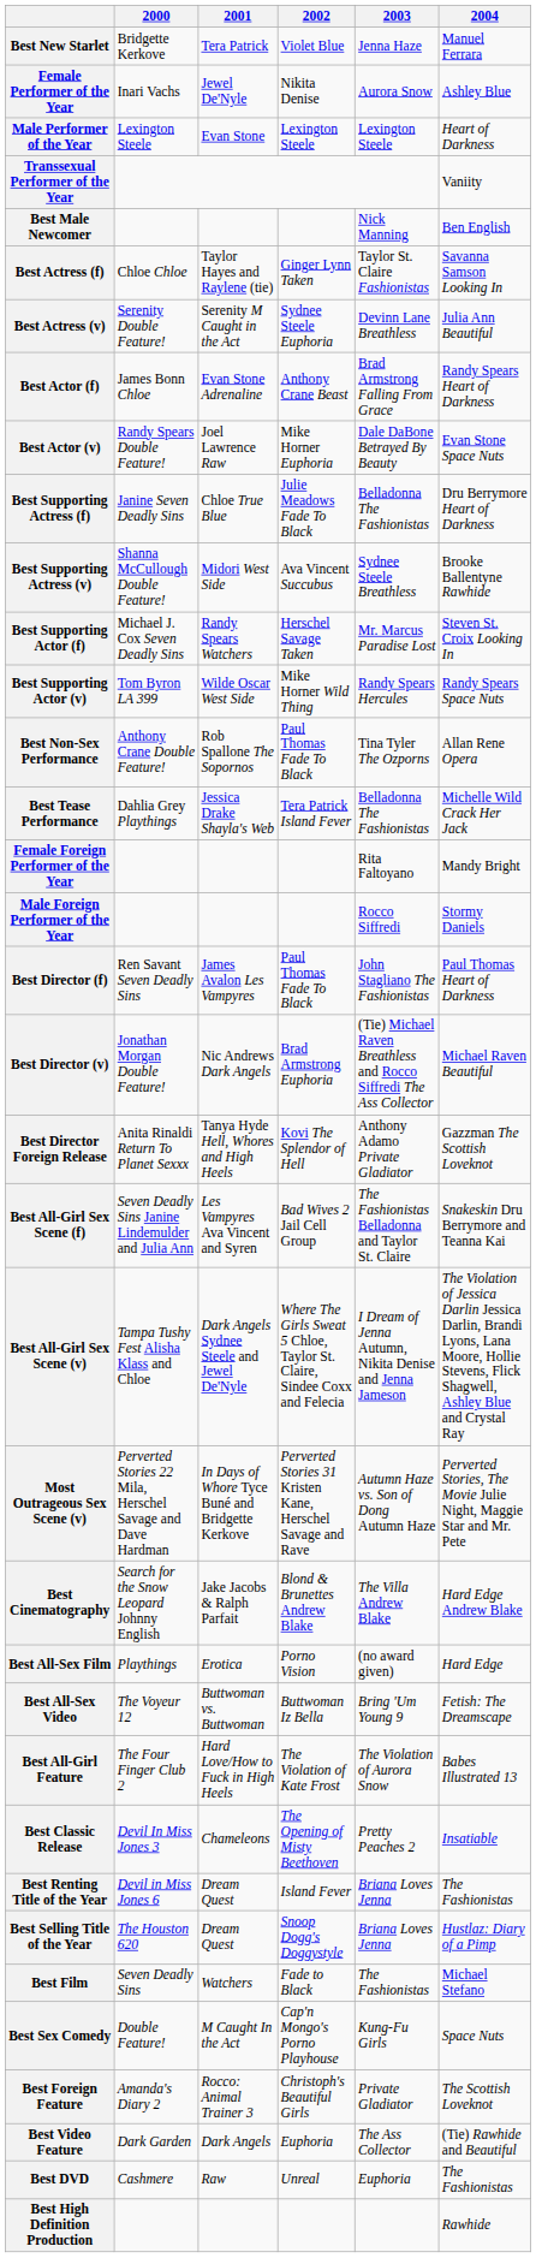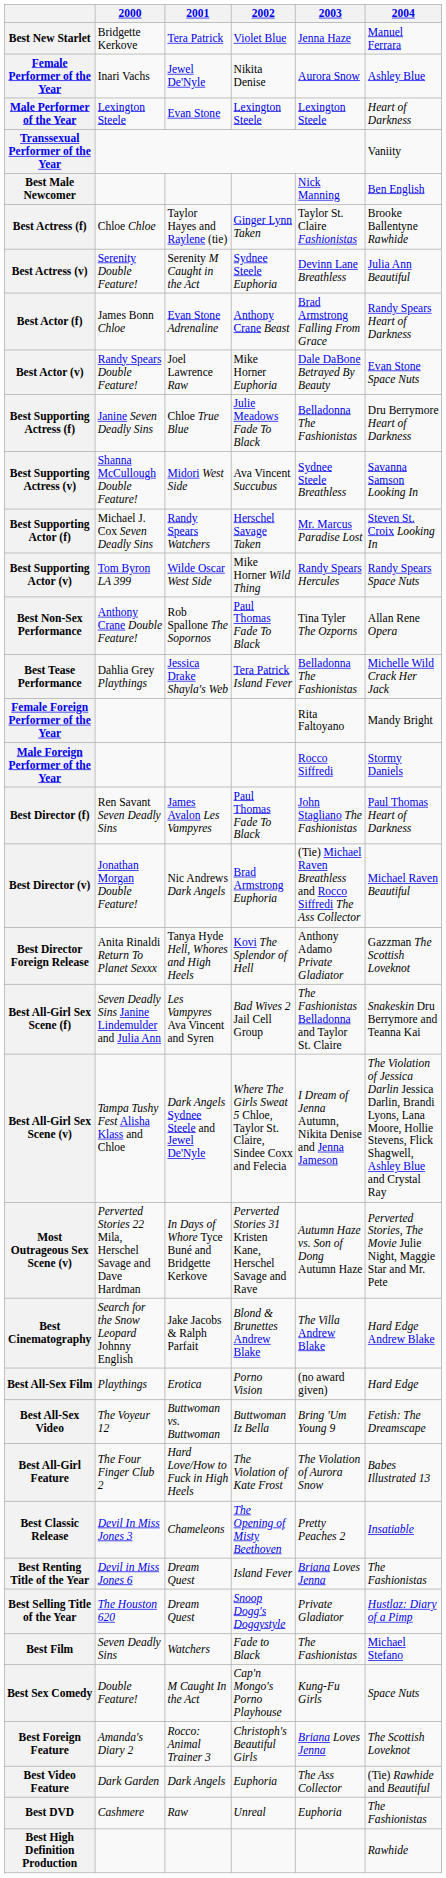 <table class="wikitable">
 <tr>
 <th></th>
 <th><a href='#'>2000</a></th>
 <th><a href='#'>2001</a></th>
 <th><a href='#'>2002</a></th>
 <th><a href='#'>2003</a></th>
 <th><a href='#'>2004</a></th>
 </tr>
 <tr>
 <th>Best New Starlet</th>
 <td>Bridgette Kerkove</td>
 <td><a href='#'>Tera Patrick</a></td>
 <td><a href='#'>Violet Blue</a></td>
 <td><a href='#'>Jenna Haze</a></td>
 <td><a href='#'>Manuel Ferrara</a></td>
 </tr>
 <tr>
 <th><a href='#'>Female Performer of the Year</a></th>
 <td>Inari Vachs</td>
 <td><a href='#'>Jewel De'Nyle</a></td>
 <td>Nikita Denise</td>
 <td><a href='#'>Aurora Snow</a></td>
 <td><a href='#'>Ashley Blue</a></td>
 </tr>
 <tr>
 <th><a href='#'>Male Performer of the Year</a></th>
 <td><a href='#'>Lexington Steele</a></td>
 <td><a href='#'>Evan Stone</a></td>
 <td><a href='#'>Lexington Steele</a></td>
 <td><a href='#'>Lexington Steele</a></td>
 <td><em>Heart of Darkness</em></td>
 </tr>
 <tr>
 <th><a href='#'>Transsexual Performer of the Year</a></th>
 <td colspan=4></td>
 <td>Vaniity</td>
 </tr>
 <tr>
 <th>Best Male Newcomer</th>
 <td></td>
 <td></td>
 <td></td>
 <td><a href='#'>Nick Manning</a></td>
 <td><a href='#'>Ben English</a></td>
 </tr>
 <tr>
 <th>Best Actress (f)</th>
 <td>Chloe <em>Chloe</em></td>
 <td>Taylor Hayes and <a href='#'>Raylene</a> (tie)</td>
 <td><a href='#'>Ginger Lynn</a> <em>Taken</em></td>
 <td>Taylor St. Claire <em><a href='#'>Fashionistas</a></em></td>
-<td><a href='#'>Savanna Samson</a> <em>Looking In</em></td>
+<td>Brooke Ballentyne <em>Rawhide</em></td>
 </tr>
 <tr>
 <th>Best Actress (v)</th>
 <td><a href='#'>Serenity</a> <em>Double Feature!</em></td>
 <td>Serenity <em>M Caught in the Act</em></td>
 <td><a href='#'>Sydnee Steele</a> <em>Euphoria</em></td>
 <td><a href='#'>Devinn Lane</a> <em>Breathless</em></td>
 <td><a href='#'>Julia Ann</a> <em>Beautiful</em></td>
 </tr>
 <tr>
 <th>Best Actor (f)</th>
 <td>James Bonn <em>Chloe</em></td>
 <td><a href='#'>Evan Stone</a> <em>Adrenaline</em></td>
 <td><a href='#'>Anthony Crane</a> <em>Beast</em></td>
 <td><a href='#'>Brad Armstrong</a> <em>Falling From Grace</em></td>
 <td><a href='#'>Randy Spears</a> <em>Heart of Darkness</em></td>
 </tr>
 <tr>
 <th>Best Actor (v)</th>
 <td><a href='#'>Randy Spears</a> <em>Double Feature!</em></td>
 <td>Joel Lawrence <em>Raw</em></td>
 <td>Mike Horner <em>Euphoria</em></td>
 <td><a href='#'>Dale DaBone</a> <em>Betrayed By Beauty</em></td>
 <td><a href='#'>Evan Stone</a> <em>Space Nuts</em></td>
 </tr>
 <tr>
 <th>Best Supporting Actress (f)</th>
 <td><a href='#'>Janine</a> <em>Seven Deadly Sins</em></td>
 <td>Chloe <em>True Blue</em></td>
 <td><a href='#'>Julie Meadows</a> <em>Fade To Black</em></td>
 <td><a href='#'>Belladonna</a> <em>The Fashionistas</em></td>
 <td>Dru Berrymore <em>Heart of Darkness</em></td>
 </tr>
 <tr>
 <th>Best Supporting Actress (v)</th>
 <td><a href='#'>Shanna McCullough</a> <em>Double Feature!</em></td>
 <td><a href='#'>Midori</a> <em>West Side</em></td>
 <td>Ava Vincent <em>Succubus</em></td>
 <td><a href='#'>Sydnee Steele</a> <em>Breathless</em></td>
-<td>Brooke Ballentyne <em>Rawhide</em></td>
+<td><a href='#'>Savanna Samson</a> <em>Looking In</em></td>
 </tr>
 <tr>
 <th>Best Supporting Actor (f)</th>
 <td>Michael J. Cox <em>Seven Deadly Sins</em></td>
 <td><a href='#'>Randy Spears</a> <em>Watchers</em></td>
 <td><a href='#'>Herschel Savage</a> <em>Taken</em></td>
 <td><a href='#'>Mr. Marcus</a> <em>Paradise Lost</em></td>
 <td><a href='#'>Steven St. Croix</a> <em>Looking In</em></td>
 </tr>
 <tr>
 <th>Best Supporting Actor (v)</th>
 <td><a href='#'>Tom Byron</a> <em>LA 399</em></td>
 <td><a href='#'>Wilde Oscar</a> <em>West Side</em></td>
 <td>Mike Horner <em>Wild Thing</em></td>
 <td><a href='#'>Randy Spears</a> <em>Hercules</em></td>
 <td><a href='#'>Randy Spears</a> <em>Space Nuts</em></td>
 </tr>
 <tr>
 <th>Best Non-Sex Performance</th>
 <td><a href='#'>Anthony Crane</a> <em>Double Feature!</em></td>
 <td>Rob Spallone <em>The Sopornos</em></td>
 <td><a href='#'>Paul Thomas</a> <em>Fade To Black</em></td>
 <td>Tina Tyler <em>The Ozporns</em></td>
 <td>Allan Rene <em>Opera</em></td>
 </tr>
 <tr>
 <th>Best Tease Performance</th>
 <td>Dahlia Grey <em>Playthings</em></td>
 <td><a href='#'>Jessica Drake</a> <em>Shayla's Web</em></td>
 <td><a href='#'>Tera Patrick</a> <em>Island Fever</em></td>
 <td><a href='#'>Belladonna</a> <em>The Fashionistas</em></td>
 <td><a href='#'>Michelle Wild</a> <em>Crack Her Jack</em></td>
 </tr>
 <tr>
 <th><a href='#'>Female Foreign Performer of the Year</a></th>
 <td></td>
 <td></td>
 <td></td>
 <td>Rita Faltoyano</td>
 <td>Mandy Bright</td>
 </tr>
 <tr>
 <th><a href='#'>Male Foreign Performer of the Year</a></th>
 <td></td>
 <td></td>
 <td></td>
 <td><a href='#'>Rocco Siffredi</a></td>
 <td><a href='#'>Stormy Daniels</a></td>
 </tr>
 <tr>
 <th>Best Director (f)</th>
 <td>Ren Savant <em>Seven Deadly Sins</em></td>
 <td><a href='#'>James Avalon</a> <em>Les Vampyres</em></td>
 <td><a href='#'>Paul Thomas</a> <em>Fade To Black</em></td>
 <td><a href='#'>John Stagliano</a> <em>The Fashionistas</em></td>
 <td><a href='#'>Paul Thomas</a> <em>Heart of Darkness</em></td>
 </tr>
 <tr>
 <th>Best Director (v)</th>
 <td><a href='#'>Jonathan Morgan</a> <em>Double Feature!</em></td>
 <td>Nic Andrews <em>Dark Angels</em></td>
 <td><a href='#'>Brad Armstrong</a> <em>Euphoria</em></td>
 <td>(Tie) <a href='#'>Michael Raven</a> <em>Breathless</em> and <a href='#'>Rocco Siffredi</a> <em>The Ass Collector</em></td>
 <td><a href='#'>Michael Raven</a> <em>Beautiful</em></td>
 </tr>
 <tr>
 <th>Best Director Foreign Release</th>
 <td>Anita Rinaldi <em>Return To Planet Sexxx</em></td>
 <td>Tanya Hyde <em>Hell, Whores and High Heels</em></td>
 <td><a href='#'>Kovi</a> <em>The Splendor of Hell</em></td>
 <td>Anthony Adamo <em>Private Gladiator</em></td>
 <td>Gazzman <em>The Scottish Loveknot</em></td>
 </tr>
 <tr>
 <th>Best All-Girl Sex Scene (f)</th>
 <td><em>Seven Deadly Sins</em> <a href='#'>Janine Lindemulder</a> and <a href='#'>Julia Ann</a></td>
 <td><em>Les Vampyres</em> Ava Vincent and Syren</td>
 <td><em>Bad Wives 2</em> Jail Cell Group</td>
 <td><em>The Fashionistas</em> <a href='#'>Belladonna</a> and Taylor St. Claire</td>
 <td><em>Snakeskin</em> Dru Berrymore and Teanna Kai</td>
 </tr>
 <tr>
 <th>Best All-Girl Sex Scene (v)</th>
 <td><em>Tampa Tushy Fest</em> <a href='#'>Alisha Klass</a> and Chloe</td>
 <td><em>Dark Angels</em> <a href='#'>Sydnee Steele</a> and <a href='#'>Jewel De'Nyle</a></td>
 <td><em>Where The Girls Sweat 5</em> Chloe, Taylor St. Claire, Sindee Coxx and Felecia</td>
 <td><em>I Dream of Jenna</em> Autumn, Nikita Denise and <a href='#'>Jenna Jameson</a></td>
 <td><em>The Violation of Jessica Darlin</em> Jessica Darlin, Brandi Lyons, Lana Moore, Hollie Stevens, Flick Shagwell, <a href='#'>Ashley Blue</a> and Crystal Ray</td>
 </tr>
 <tr>
 <th>Most Outrageous Sex Scene (v)</th>
 <td><em>Perverted Stories 22</em> Mila, Herschel Savage and Dave Hardman</td>
 <td><em>In Days of Whore</em> Tyce Buné and Bridgette Kerkove</td>
 <td><em>Perverted Stories 31</em> Kristen Kane, Herschel Savage and Rave</td>
 <td><em>Autumn Haze vs. Son of Dong</em> Autumn Haze</td>
 <td><em>Perverted Stories, The Movie</em> Julie Night, Maggie Star and Mr. Pete</td>
 </tr>
 <tr>
 <th>Best Cinematography</th>
 <td><em>Search for the Snow Leopard</em> Johnny English</td>
 <td>Jake Jacobs & Ralph Parfait</td>
 <td><em>Blond & Brunettes</em> <a href='#'>Andrew Blake</a></td>
 <td><em>The Villa</em> <a href='#'>Andrew Blake</a></td>
 <td><em>Hard Edge</em> <a href='#'>Andrew Blake</a></td>
 </tr>
 <tr>
 <th>Best All-Sex Film</th>
 <td><em>Playthings</em></td>
 <td><em>Erotica</em></td>
 <td><em>Porno Vision</em></td>
 <td>(no award given)</td>
 <td><em>Hard Edge</em></td>
 </tr>
 <tr>
 <th>Best All-Sex Video</th>
 <td><em>The Voyeur 12</em></td>
 <td><em>Buttwoman vs. Buttwoman</em></td>
 <td><em>Buttwoman Iz Bella</em></td>
 <td><em>Bring 'Um Young 9</em></td>
 <td><em>Fetish: The Dreamscape</em></td>
 </tr>
 <tr>
 <th>Best All-Girl Feature</th>
 <td><em>The Four Finger Club 2</em></td>
 <td><em>Hard Love/How to Fuck in High Heels</em></td>
 <td><em>The Violation of Kate Frost</em></td>
 <td><em>The Violation of Aurora Snow</em></td>
 <td><em>Babes Illustrated 13</em></td>
 </tr>
 <tr>
 <th>Best Classic Release</th>
 <td><em><a href='#'>Devil In Miss Jones 3</a></em></td>
 <td><em>Chameleons</em></td>
 <td><em><a href='#'>The Opening of Misty Beethoven</a></em></td>
 <td><em>Pretty Peaches 2</em></td>
 <td><em><a href='#'>Insatiable</a></em></td>
 </tr>
 <tr>
 <th>Best Renting Title of the Year</th>
 <td><em><a href='#'>Devil in Miss Jones 6</a></em></td>
 <td><em>Dream Quest</em></td>
 <td><em>Island Fever</em></td>
 <td><em><a href='#'>Briana</a> Loves <a href='#'>Jenna</a></em></td>
 <td><em>The Fashionistas</em></td>
 </tr>
 <tr>
 <th>Best Selling Title of the Year</th>
 <td><em><a href='#'>The Houston 620</a></em></td>
 <td><em>Dream Quest</em></td>
 <td><em><a href='#'>Snoop Dogg's Doggystyle</a></em></td>
-<td><em><a href='#'>Briana</a> Loves <a href='#'>Jenna</a></em></td>
+<td><em>Private Gladiator</em></td>
 <td><em><a href='#'>Hustlaz: Diary of a Pimp</a></em></td>
 </tr>
 <tr>
 <th>Best Film</th>
 <td><em>Seven Deadly Sins</em></td>
 <td><em>Watchers</em></td>
 <td><em>Fade to Black</em></td>
 <td><em>The Fashionistas</em></td>
 <td><a href='#'>Michael Stefano</a></td>
 </tr>
 <tr>
 <th>Best Sex Comedy</th>
 <td><em>Double Feature!</em></td>
 <td><em>M Caught In the Act</em></td>
 <td><em>Cap'n Mongo's Porno Playhouse</em></td>
 <td><em>Kung-Fu Girls</em></td>
 <td><em>Space Nuts</em></td>
 </tr>
 <tr>
 <th>Best Foreign Feature</th>
 <td><em>Amanda's Diary 2</em></td>
 <td><em>Rocco: Animal Trainer 3</em></td>
 <td><em>Christoph's Beautiful Girls</em></td>
-<td><em>Private Gladiator</em></td>
+<td><em><a href='#'>Briana</a> Loves <a href='#'>Jenna</a></em></td>
 <td><em>The Scottish Loveknot</em></td>
 </tr>
 <tr>
 <th>Best Video Feature</th>
 <td><em>Dark Garden</em></td>
 <td><em>Dark Angels</em></td>
 <td><em>Euphoria</em></td>
 <td><em>The Ass Collector</em></td>
 <td>(Tie) <em>Rawhide</em> and <em>Beautiful</em></td>
 </tr>
 <tr>
 <th>Best DVD</th>
 <td><em>Cashmere</em></td>
 <td><em>Raw</em></td>
 <td><em>Unreal</em></td>
 <td><em>Euphoria</em></td>
 <td><em>The Fashionistas</em></td>
 </tr>
 <tr>
 <th>Best High Definition Production</th>
 <td></td>
 <td></td>
 <td></td>
 <td></td>
 <td><em>Rawhide</em></td>
 </tr>
 </table>
